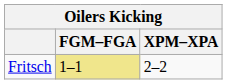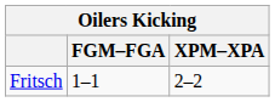 <table class="wikitable">
 <tr>
 <th colspan="3">Oilers Kicking</th>
 </tr>
 <tr>
 <th></th>
 <th>FGM–FGA</th>
 <th>XPM–XPA</th>
 </tr>
 <tr>
 <td><a href='#'>Fritsch</a></td>
-<td style="background: khaki;">1–1</td>
+<td>1–1</td>
 <td>2–2</td>
 </tr>
 </table>
